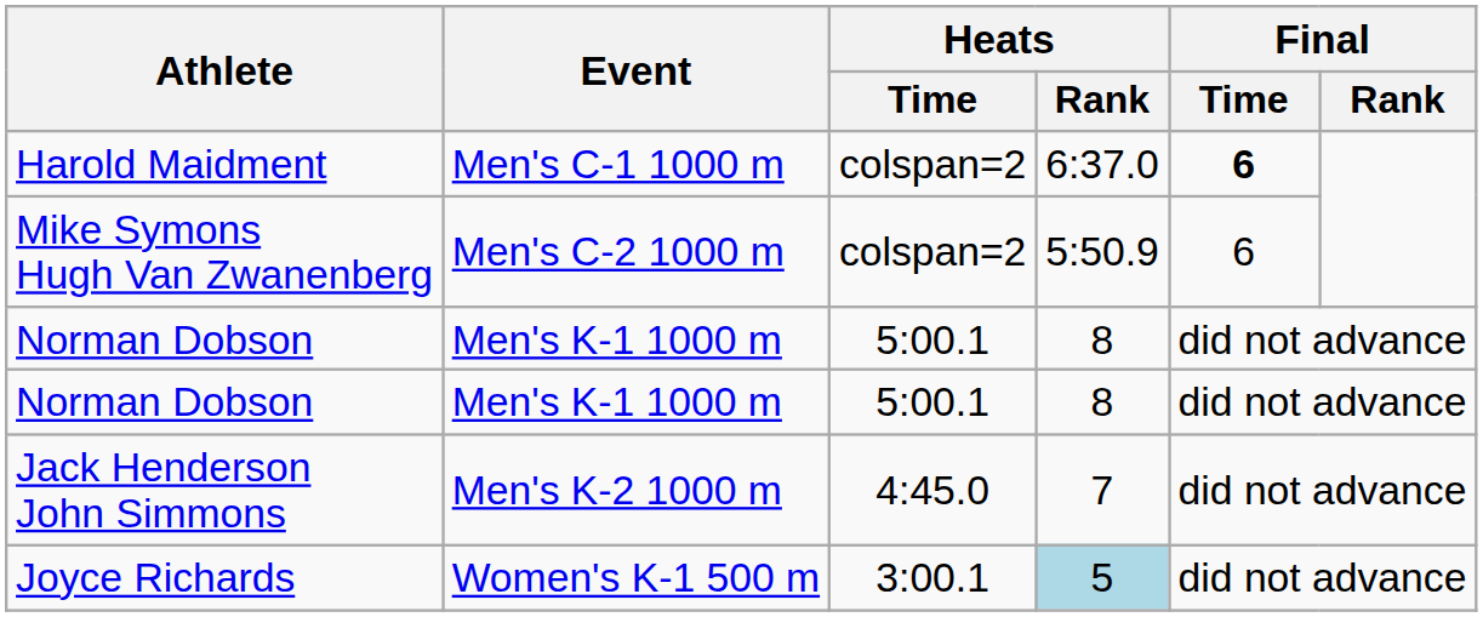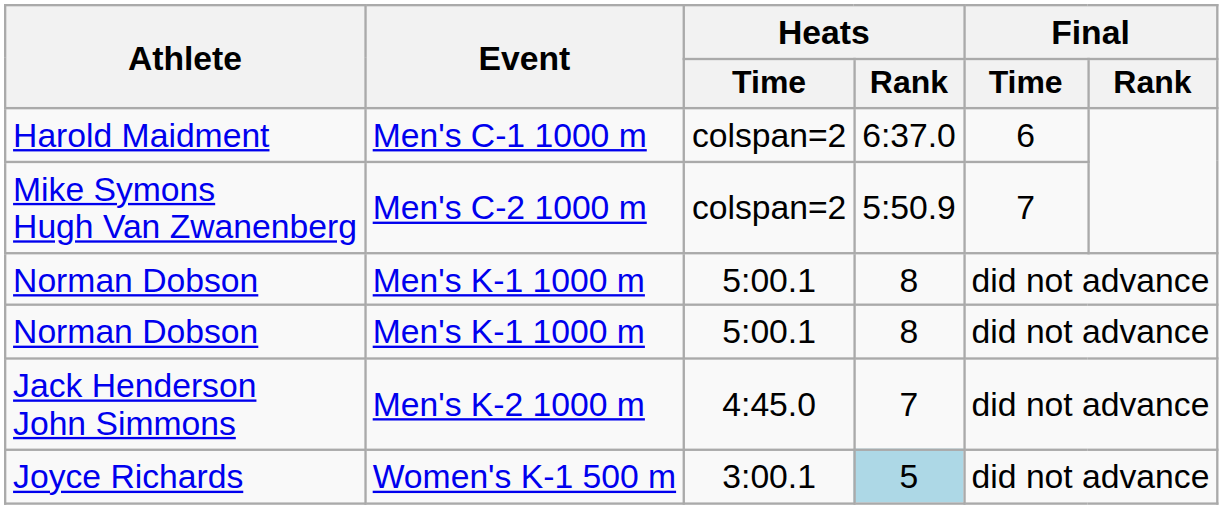 <table class=wikitable style="font-size:90%">
 <tr>
 <th rowspan="2">Athlete</th>
 <th rowspan="2">Event</th>
 <th colspan=2>Heats</th>
 <th colspan=2>Final</th>
 </tr>
 <tr style="font-size:95%">
 <th>Time</th>
 <th>Rank</th>
 <th>Time</th>
 <th>Rank</th>
 </tr>
 <tr align=center>
 <td align=left><a href='#'>Harold Maidment</a></td>
 <td align=left><a href='#'>Men's C-1 1000 m</a></td>
 <td>colspan=2 </td>
 <td>6:37.0</td>
-<td><strong>6</strong></td>
+<td>6</td>
 </tr>
 <tr align=center>
 <td align=left><a href='#'>Mike Symons</a><br><a href='#'>Hugh Van Zwanenberg</a></td>
 <td align=left><a href='#'>Men's C-2 1000 m</a></td>
 <td>colspan=2 </td>
 <td>5:50.9</td>
-<td>6</td>
+<td>7</td>
 </tr>
 <tr align=center>
 <td align=left><a href='#'>Norman Dobson</a></td>
 <td align=left><a href='#'>Men's K-1 1000 m</a></td>
 <td>5:00.1</td>
 <td>8</td>
 <td colspan=2>did not advance</td>
 </tr>
 <tr align=center>
 <td align=left><a href='#'>Norman Dobson</a></td>
 <td align=left><a href='#'>Men's K-1 1000 m</a></td>
 <td>5:00.1</td>
 <td>8</td>
 <td colspan=2>did not advance</td>
 </tr>
 <tr align=center>
 <td align=left><a href='#'>Jack Henderson</a><br><a href='#'>John Simmons</a></td>
 <td align=left><a href='#'>Men's K-2 1000 m</a></td>
 <td>4:45.0</td>
 <td>7</td>
 <td colspan=2>did not advance</td>
 </tr>
 <tr align=center>
 <td align=left><a href='#'>Joyce Richards</a></td>
 <td align=left><a href='#'>Women's K-1 500 m</a></td>
 <td>3:00.1</td>
 <td style="background: lightblue;">5</td>
 <td colspan=2>did not advance</td>
 </tr>
 </table>
